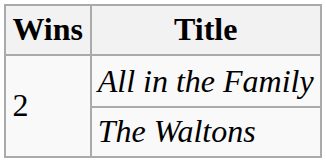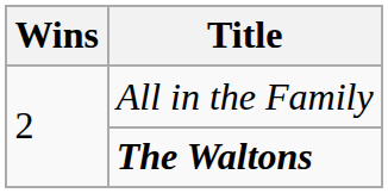 <table class="wikitable">
 <tr>
 <th>Wins</th>
 <th>Title</th>
 </tr>
 <tr>
 <td rowspan="2">2</td>
 <td><em>All in the Family</em></td>
 </tr>
 <tr>
-<td><em>The Waltons</em></td>
+<td><strong><em>The Waltons</em></strong></td>
 </tr>
 </table>
